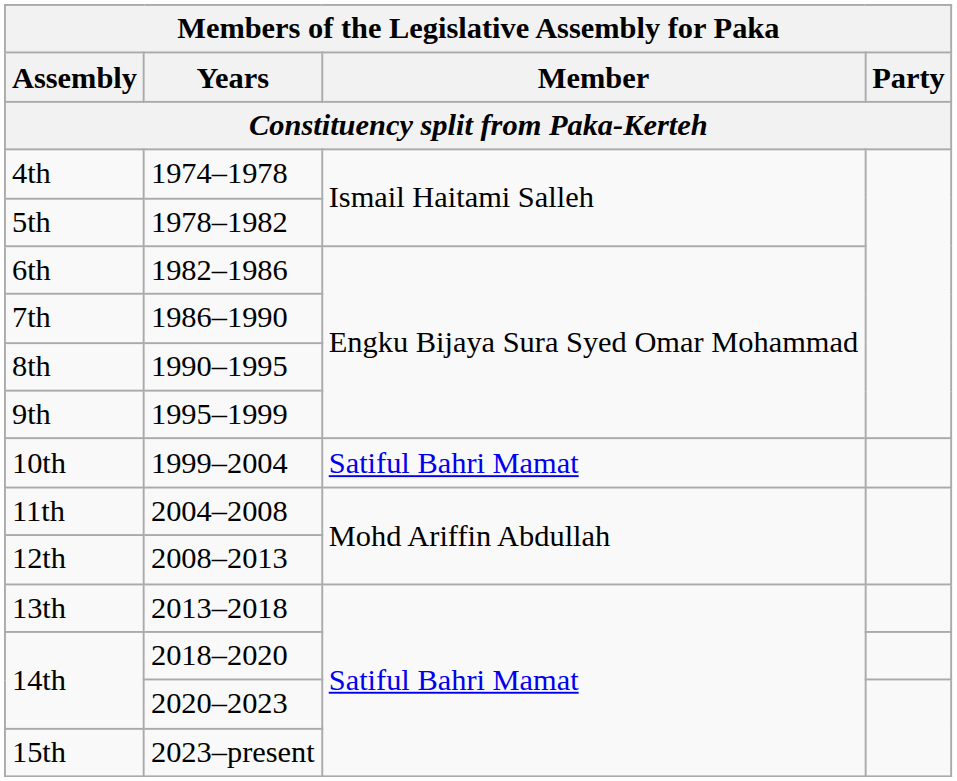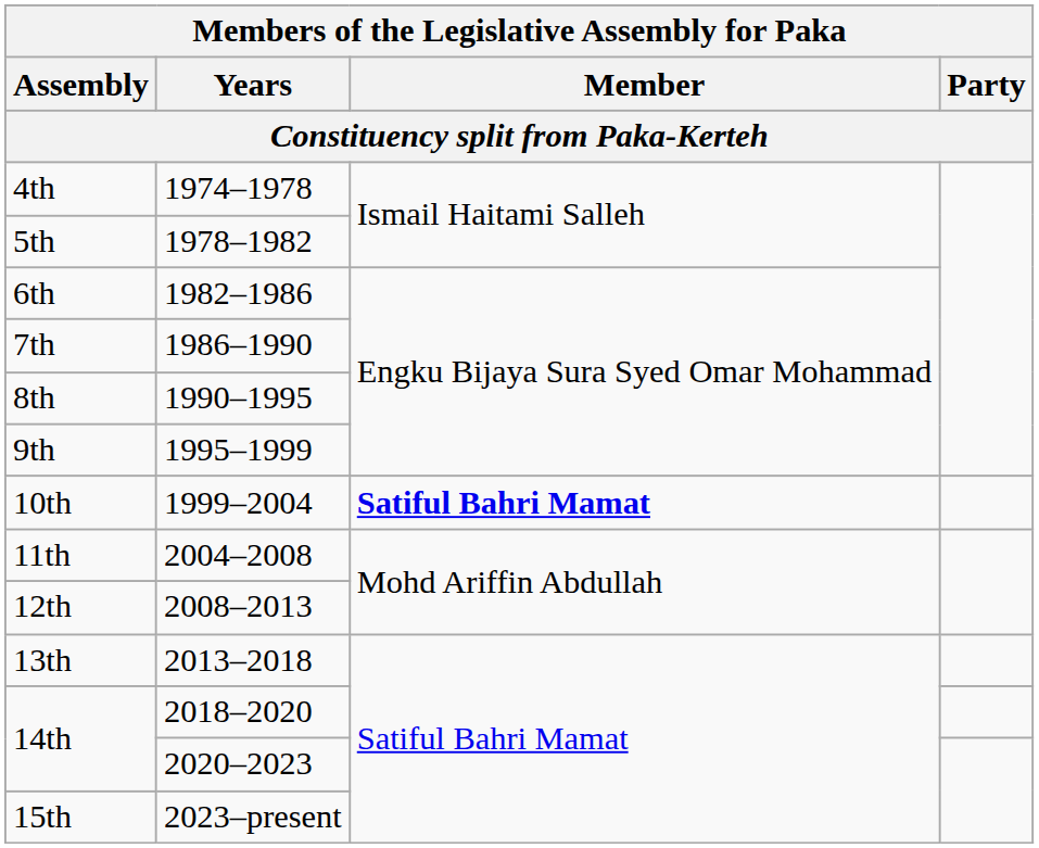 <table class="wikitable">
 <tr>
 <th colspan="4">Members of the Legislative Assembly for Paka</th>
 </tr>
 <tr>
 <th>Assembly</th>
 <th>Years</th>
 <th>Member</th>
 <th>Party</th>
 </tr>
 <tr>
 <th colspan="4" align="center"><em>Constituency split from Paka-Kerteh</em></th>
 </tr>
 <tr>
 <td>4th</td>
 <td>1974–1978</td>
 <td rowspan="2">Ismail Haitami Salleh</td>
 <td rowspan="6"></td>
 </tr>
 <tr>
 <td>5th</td>
 <td>1978–1982</td>
 </tr>
 <tr>
 <td>6th</td>
 <td>1982–1986</td>
 <td rowspan="4">Engku Bijaya Sura Syed Omar Mohammad</td>
 </tr>
 <tr>
 <td>7th</td>
 <td>1986–1990</td>
 </tr>
 <tr>
 <td>8th</td>
 <td>1990–1995</td>
 </tr>
 <tr>
 <td>9th</td>
 <td>1995–1999</td>
 </tr>
 <tr>
 <td>10th</td>
 <td>1999–2004</td>
-<td><a href='#'>Satiful Bahri Mamat</a></td>
+<td><strong><a href='#'>Satiful Bahri Mamat</a></strong></td>
 <td></td>
 </tr>
 <tr>
 <td>11th</td>
 <td>2004–2008</td>
 <td rowspan="2">Mohd Ariffin Abdullah</td>
 <td rowspan="2"></td>
 </tr>
 <tr>
 <td>12th</td>
 <td>2008–2013</td>
 </tr>
 <tr>
 <td>13th</td>
 <td>2013–2018</td>
 <td rowspan="4"><a href='#'>Satiful Bahri Mamat</a></td>
 <td></td>
 </tr>
 <tr>
 <td rowspan="2">14th</td>
 <td>2018–2020</td>
 <td></td>
 </tr>
 <tr>
 <td>2020–2023</td>
 <td rowspan=2></td>
 </tr>
 <tr>
 <td>15th</td>
 <td>2023–present</td>
 </tr>
 </table>
